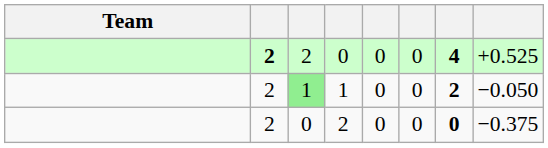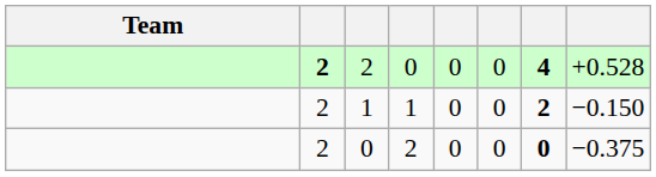 <table class="wikitable" style="text-align:center;">
 <tr>
 <th width=175>Team</th>
 <th style="width:20px;"></th>
 <th style="width:20px;"></th>
 <th style="width:20px;"></th>
 <th style="width:20px;"></th>
 <th style="width:20px;"></th>
 <th style="width:20px;"></th>
 <th style="width:20px;"></th>
 </tr>
 <tr style="background:#cfc">
 <td style="text-align:left;"></td>
 <td><strong>2</strong></td>
 <td>2</td>
 <td>0</td>
 <td>0</td>
 <td>0</td>
 <td><strong>4</strong></td>
-<td>+0.525</td>
+<td>+0.528</td>
 </tr>
 <tr>
 <td style="text-align:left;"></td>
 <td>2</td>
-<td style="background: lightgreen;">1</td>
+<td>1</td>
 <td>1</td>
 <td>0</td>
 <td>0</td>
 <td><strong>2</strong></td>
-<td>−0.050</td>
+<td>−0.150</td>
 </tr>
 <tr>
 <td style="text-align:left;"></td>
 <td>2</td>
 <td>0</td>
 <td>2</td>
 <td>0</td>
 <td>0</td>
 <td><strong>0</strong></td>
 <td>−0.375</td>
 </tr>
 </table>
